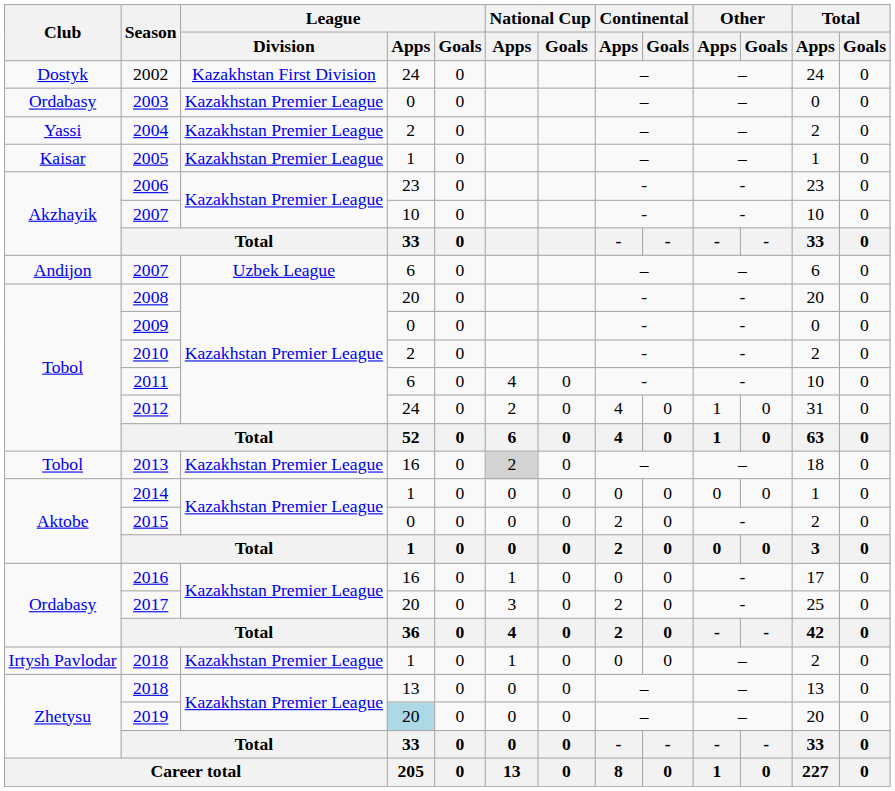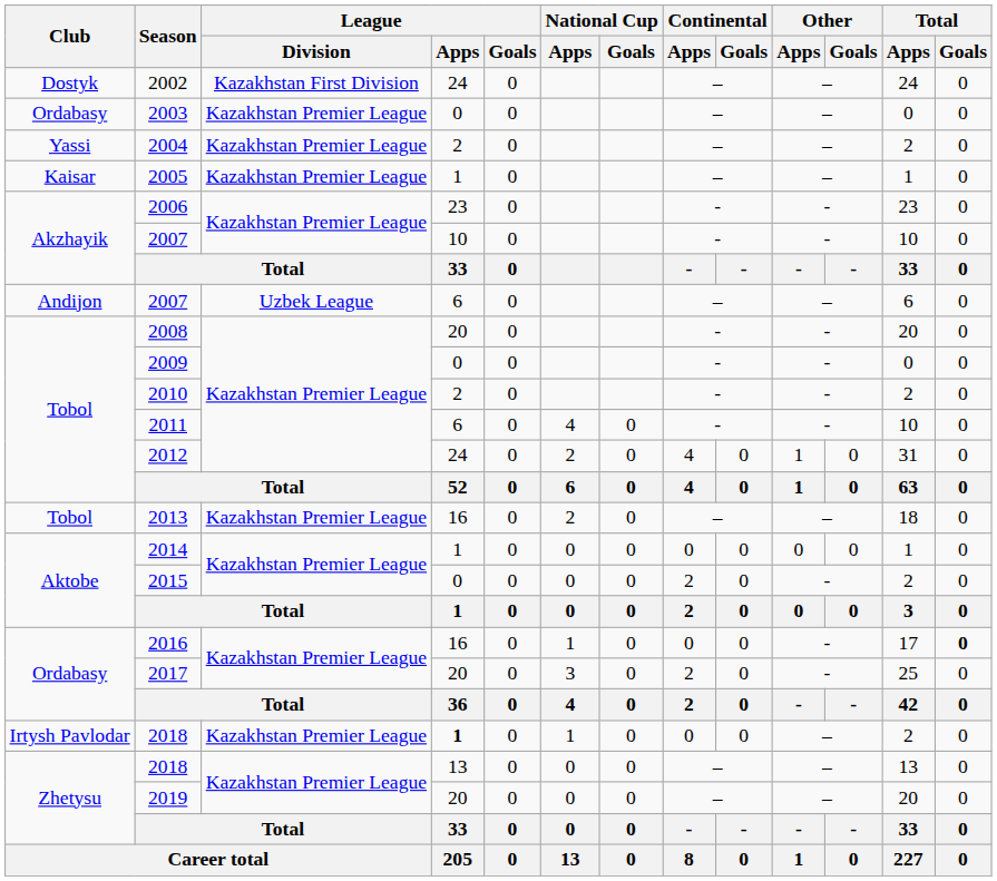 <table class="wikitable" style="text-align: center;">
 <tr>
 <th rowspan="2">Club</th>
 <th rowspan="2">Season</th>
 <th colspan="3">League</th>
 <th colspan="2">National Cup</th>
 <th colspan="2">Continental</th>
 <th colspan="2">Other</th>
 <th colspan="2">Total</th>
 </tr>
 <tr>
 <th>Division</th>
 <th>Apps</th>
 <th>Goals</th>
 <th>Apps</th>
 <th>Goals</th>
 <th>Apps</th>
 <th>Goals</th>
 <th>Apps</th>
 <th>Goals</th>
 <th>Apps</th>
 <th>Goals</th>
 </tr>
 <tr>
 <td valign="center"><a href='#'>Dostyk</a></td>
 <td>2002</td>
 <td><a href='#'>Kazakhstan First Division</a></td>
 <td>24</td>
 <td>0</td>
 <td></td>
 <td></td>
 <td colspan="2">–</td>
 <td colspan="2">–</td>
 <td>24</td>
 <td>0</td>
 </tr>
 <tr>
 <td valign="center"><a href='#'>Ordabasy</a></td>
 <td><a href='#'>2003</a></td>
 <td><a href='#'>Kazakhstan Premier League</a></td>
 <td>0</td>
 <td>0</td>
 <td></td>
 <td></td>
 <td colspan="2">–</td>
 <td colspan="2">–</td>
 <td>0</td>
 <td>0</td>
 </tr>
 <tr>
 <td valign="center"><a href='#'>Yassi</a></td>
 <td><a href='#'>2004</a></td>
 <td><a href='#'>Kazakhstan Premier League</a></td>
 <td>2</td>
 <td>0</td>
 <td></td>
 <td></td>
 <td colspan="2">–</td>
 <td colspan="2">–</td>
 <td>2</td>
 <td>0</td>
 </tr>
 <tr>
 <td valign="center"><a href='#'>Kaisar</a></td>
 <td><a href='#'>2005</a></td>
 <td><a href='#'>Kazakhstan Premier League</a></td>
 <td>1</td>
 <td>0</td>
 <td></td>
 <td></td>
 <td colspan="2">–</td>
 <td colspan="2">–</td>
 <td>1</td>
 <td>0</td>
 </tr>
 <tr>
 <td rowspan="3" valign="center"><a href='#'>Akzhayik</a></td>
 <td><a href='#'>2006</a></td>
 <td rowspan="2" valign="center"><a href='#'>Kazakhstan Premier League</a></td>
 <td>23</td>
 <td>0</td>
 <td></td>
 <td></td>
 <td colspan="2">-</td>
 <td colspan="2">-</td>
 <td>23</td>
 <td>0</td>
 </tr>
 <tr>
 <td><a href='#'>2007</a></td>
 <td>10</td>
 <td>0</td>
 <td></td>
 <td></td>
 <td colspan="2">-</td>
 <td colspan="2">-</td>
 <td>10</td>
 <td>0</td>
 </tr>
 <tr>
 <th colspan="2">Total</th>
 <th>33</th>
 <th>0</th>
 <th></th>
 <th></th>
 <th>-</th>
 <th>-</th>
 <th>-</th>
 <th>-</th>
 <th>33</th>
 <th>0</th>
 </tr>
 <tr>
 <td valign="center"><a href='#'>Andijon</a></td>
 <td><a href='#'>2007</a></td>
 <td><a href='#'>Uzbek League</a></td>
 <td>6</td>
 <td>0</td>
 <td></td>
 <td></td>
 <td colspan="2">–</td>
 <td colspan="2">–</td>
 <td>6</td>
 <td>0</td>
 </tr>
 <tr>
 <td rowspan="6" valign="center"><a href='#'>Tobol</a></td>
 <td><a href='#'>2008</a></td>
 <td rowspan="5" valign="center"><a href='#'>Kazakhstan Premier League</a></td>
 <td>20</td>
 <td>0</td>
 <td></td>
 <td></td>
 <td colspan="2">-</td>
 <td colspan="2">-</td>
 <td>20</td>
 <td>0</td>
 </tr>
 <tr>
 <td><a href='#'>2009</a></td>
 <td>0</td>
 <td>0</td>
 <td></td>
 <td></td>
 <td colspan="2">-</td>
 <td colspan="2">-</td>
 <td>0</td>
 <td>0</td>
 </tr>
 <tr>
 <td><a href='#'>2010</a></td>
 <td>2</td>
 <td>0</td>
 <td></td>
 <td></td>
 <td colspan="2">-</td>
 <td colspan="2">-</td>
 <td>2</td>
 <td>0</td>
 </tr>
 <tr>
 <td><a href='#'>2011</a></td>
 <td>6</td>
 <td>0</td>
 <td>4</td>
 <td>0</td>
 <td colspan="2">-</td>
 <td colspan="2">-</td>
 <td>10</td>
 <td>0</td>
 </tr>
 <tr>
 <td><a href='#'>2012</a></td>
 <td>24</td>
 <td>0</td>
 <td>2</td>
 <td>0</td>
 <td>4</td>
 <td>0</td>
 <td>1</td>
 <td>0</td>
 <td>31</td>
 <td>0</td>
 </tr>
 <tr>
 <th colspan="2">Total</th>
 <th>52</th>
 <th>0</th>
 <th>6</th>
 <th>0</th>
 <th>4</th>
 <th>0</th>
 <th>1</th>
 <th>0</th>
 <th>63</th>
 <th>0</th>
 </tr>
 <tr>
 <td valign="center"><a href='#'>Tobol</a></td>
 <td><a href='#'>2013</a></td>
 <td><a href='#'>Kazakhstan Premier League</a></td>
 <td>16</td>
 <td>0</td>
-<td style="background: lightgrey;">2</td>
+<td>2</td>
 <td>0</td>
 <td colspan="2">–</td>
 <td colspan="2">–</td>
 <td>18</td>
 <td>0</td>
 </tr>
 <tr>
 <td rowspan="3" valign="center"><a href='#'>Aktobe</a></td>
 <td><a href='#'>2014</a></td>
 <td rowspan="2" valign="center"><a href='#'>Kazakhstan Premier League</a></td>
 <td>1</td>
 <td>0</td>
 <td>0</td>
 <td>0</td>
 <td>0</td>
 <td>0</td>
 <td>0</td>
 <td>0</td>
 <td>1</td>
 <td>0</td>
 </tr>
 <tr>
 <td><a href='#'>2015</a></td>
 <td>0</td>
 <td>0</td>
 <td>0</td>
 <td>0</td>
 <td>2</td>
 <td>0</td>
 <td colspan="2">-</td>
 <td>2</td>
 <td>0</td>
 </tr>
 <tr>
 <th colspan="2">Total</th>
 <th>1</th>
 <th>0</th>
 <th>0</th>
 <th>0</th>
 <th>2</th>
 <th>0</th>
 <th>0</th>
 <th>0</th>
 <th>3</th>
 <th>0</th>
 </tr>
 <tr>
 <td rowspan="3" valign="center"><a href='#'>Ordabasy</a></td>
 <td><a href='#'>2016</a></td>
 <td rowspan="2" valign="center"><a href='#'>Kazakhstan Premier League</a></td>
 <td>16</td>
 <td>0</td>
 <td>1</td>
 <td>0</td>
 <td>0</td>
 <td>0</td>
 <td colspan="2">-</td>
 <td>17</td>
-<td>0</td>
+<td><strong>0</strong></td>
 </tr>
 <tr>
 <td><a href='#'>2017</a></td>
 <td>20</td>
 <td>0</td>
 <td>3</td>
 <td>0</td>
 <td>2</td>
 <td>0</td>
 <td colspan="2">-</td>
 <td>25</td>
 <td>0</td>
 </tr>
 <tr>
 <th colspan="2">Total</th>
 <th>36</th>
 <th>0</th>
 <th>4</th>
 <th>0</th>
 <th>2</th>
 <th>0</th>
 <th>-</th>
 <th>-</th>
 <th>42</th>
 <th>0</th>
 </tr>
 <tr>
 <td valign="center"><a href='#'>Irtysh Pavlodar</a></td>
 <td><a href='#'>2018</a></td>
 <td><a href='#'>Kazakhstan Premier League</a></td>
-<td>1</td>
+<td><strong>1</strong></td>
 <td>0</td>
 <td>1</td>
 <td>0</td>
 <td>0</td>
 <td>0</td>
 <td colspan="2">–</td>
 <td>2</td>
 <td>0</td>
 </tr>
 <tr>
 <td rowspan="3" valign="center"><a href='#'>Zhetysu</a></td>
 <td><a href='#'>2018</a></td>
 <td rowspan="2" valign="center"><a href='#'>Kazakhstan Premier League</a></td>
 <td>13</td>
 <td>0</td>
 <td>0</td>
 <td>0</td>
 <td colspan="2">–</td>
 <td colspan="2">–</td>
 <td>13</td>
 <td>0</td>
 </tr>
 <tr>
 <td><a href='#'>2019</a></td>
-<td style="background: lightblue;">20</td>
+<td>20</td>
 <td>0</td>
 <td>0</td>
 <td>0</td>
 <td colspan="2">–</td>
 <td colspan="2">–</td>
 <td>20</td>
 <td>0</td>
 </tr>
 <tr>
 <th colspan="2">Total</th>
 <th>33</th>
 <th>0</th>
 <th>0</th>
 <th>0</th>
 <th>-</th>
 <th>-</th>
 <th>-</th>
 <th>-</th>
 <th>33</th>
 <th>0</th>
 </tr>
 <tr>
 <th colspan="3">Career total</th>
 <th>205</th>
 <th>0</th>
 <th>13</th>
 <th>0</th>
 <th>8</th>
 <th>0</th>
 <th>1</th>
 <th>0</th>
 <th>227</th>
 <th>0</th>
 </tr>
 </table>
